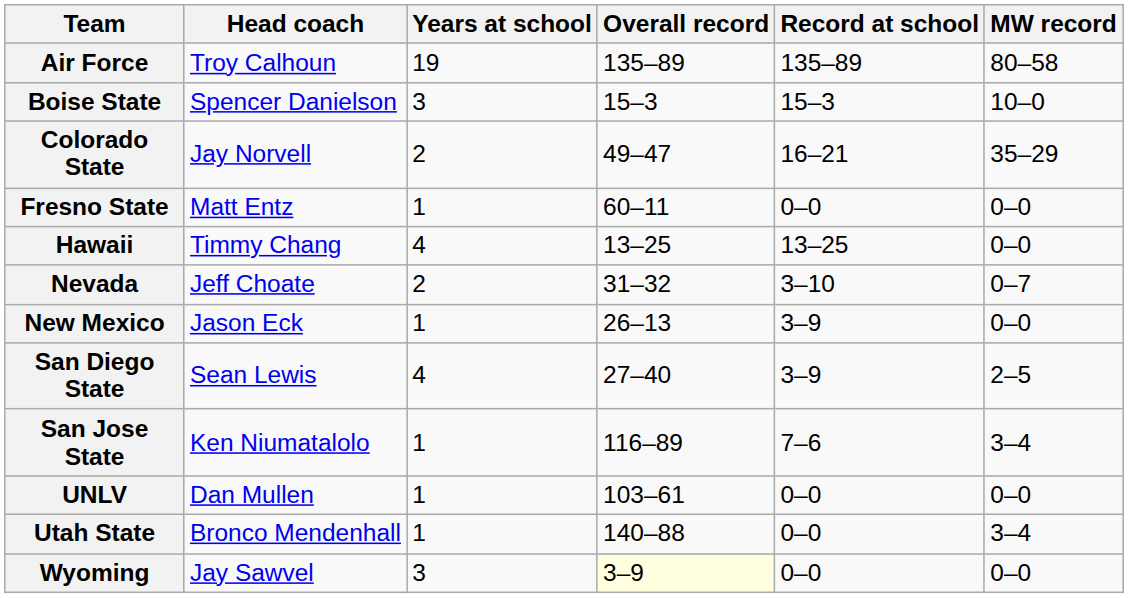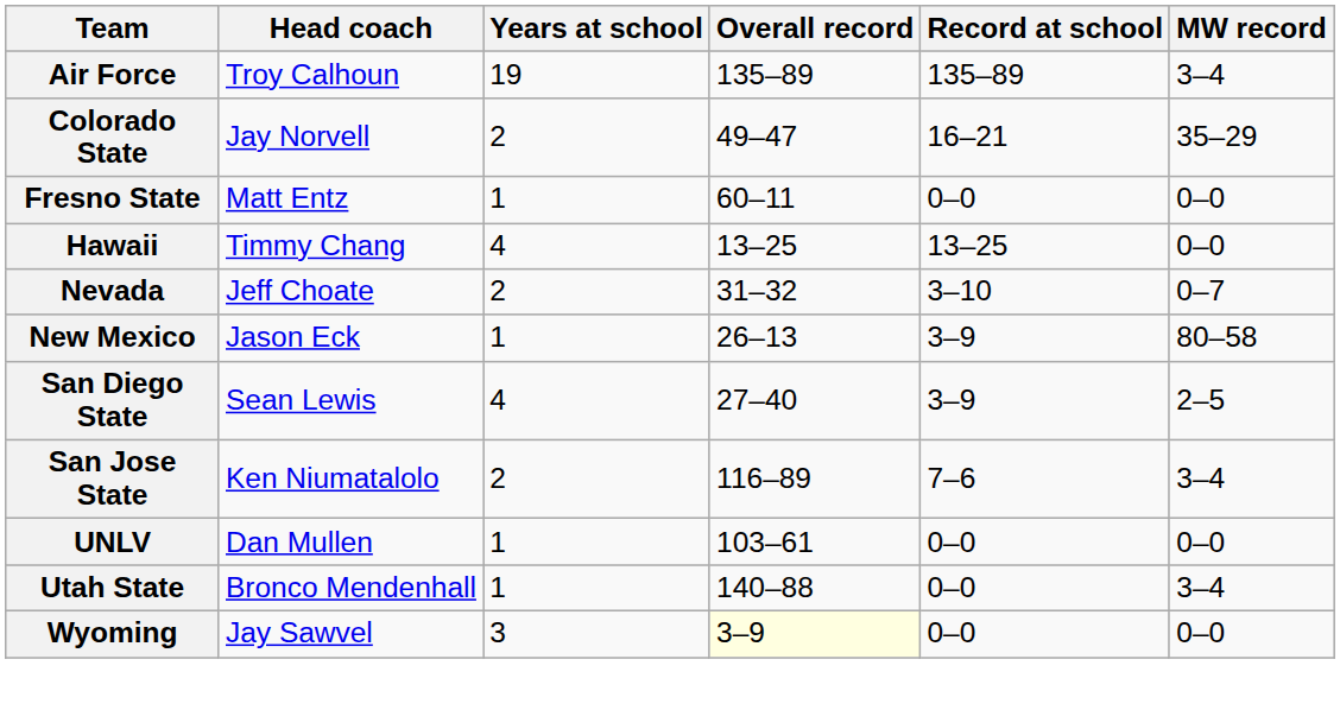 <table class="wikitable sortable" style "text-align:center">
 <tr>
 <th style="width:110px;">Team</th>
 <th>Head coach</th>
 <th>Years at school</th>
 <th>Overall record</th>
 <th>Record at school</th>
 <th>MW record</th>
 </tr>
 <tr>
 <th>Air Force</th>
 <td><a href='#'>Troy Calhoun</a></td>
 <td>19</td>
 <td>135–89</td>
 <td>135–89</td>
-<td>80–58</td>
-</tr>
-<tr>
-<th>Boise State</th>
-<td><a href='#'>Spencer Danielson</a></td>
-<td>3</td>
-<td>15–3</td>
-<td>15–3</td>
-<td>10–0</td>
+<td>3–4</td>
 </tr>
 <tr>
 <th>Colorado State</th>
 <td><a href='#'>Jay Norvell</a></td>
 <td>2</td>
 <td>49–47</td>
 <td>16–21</td>
 <td>35–29</td>
 </tr>
 <tr>
 <th>Fresno State</th>
 <td><a href='#'>Matt Entz</a></td>
 <td>1</td>
 <td>60–11</td>
 <td>0–0</td>
 <td>0–0</td>
 </tr>
 <tr>
 <th>Hawaii</th>
 <td><a href='#'>Timmy Chang</a></td>
 <td>4</td>
 <td>13–25</td>
 <td>13–25</td>
 <td>0–0</td>
 </tr>
 <tr>
 <th>Nevada</th>
 <td><a href='#'>Jeff Choate</a></td>
 <td>2</td>
 <td>31–32</td>
 <td>3–10</td>
 <td>0–7</td>
 </tr>
 <tr>
 <th>New Mexico</th>
 <td><a href='#'>Jason Eck</a></td>
 <td>1</td>
 <td>26–13</td>
 <td>3–9</td>
-<td>0–0</td>
+<td>80–58</td>
 </tr>
 <tr>
 <th>San Diego State</th>
 <td><a href='#'>Sean Lewis</a></td>
 <td>4</td>
 <td>27–40</td>
 <td>3–9</td>
 <td>2–5</td>
 </tr>
 <tr>
 <th>San Jose State</th>
 <td><a href='#'>Ken Niumatalolo</a></td>
-<td>1</td>
+<td>2</td>
 <td>116–89</td>
 <td>7–6</td>
 <td>3–4</td>
 </tr>
 <tr>
 <th>UNLV</th>
 <td><a href='#'>Dan Mullen</a></td>
 <td>1</td>
 <td>103–61</td>
 <td>0–0</td>
 <td>0–0</td>
 </tr>
 <tr>
 <th>Utah State</th>
 <td><a href='#'>Bronco Mendenhall</a></td>
 <td>1</td>
 <td>140–88</td>
 <td>0–0</td>
 <td>3–4</td>
 </tr>
 <tr>
 <th>Wyoming</th>
 <td><a href='#'>Jay Sawvel</a></td>
 <td>3</td>
 <td style="background: lightyellow;">3–9</td>
 <td>0–0</td>
 <td>0–0</td>
 </tr>
 </table>
